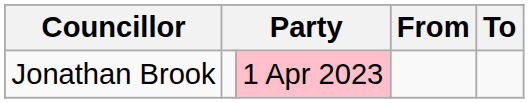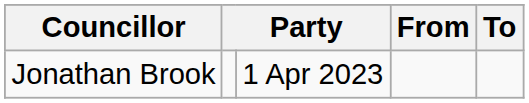 <table class=wikitable>
 <tr>
 <th>Councillor</th>
 <th colspan=2>Party</th>
 <th>From</th>
 <th>To</th>
 </tr>
 <tr>
 <td>Jonathan Brook</td>
 <td></td>
-<td align=right style="background: pink;">1 Apr 2023</td>
+<td align=right>1 Apr 2023</td>
 <td></td>
 </tr>
 </table>
